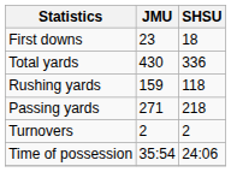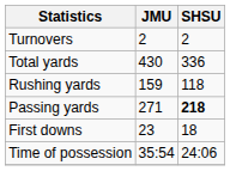 <table class="wikitable" style="float: left;">
 <tr>
 <th>Statistics</th>
 <th>JMU</th>
 <th>SHSU</th>
 </tr>
 <tr>
-<td>First downs</td>
-<td>23</td>
-<td>18</td>
+<td>Turnovers</td>
+<td>2</td>
+<td>2</td>
 </tr>
 <tr>
 <td>Total yards</td>
 <td>430</td>
 <td>336</td>
 </tr>
 <tr>
 <td>Rushing yards</td>
 <td>159</td>
 <td>118</td>
 </tr>
 <tr>
 <td>Passing yards</td>
 <td>271</td>
-<td>218</td>
+<td><strong>218</strong></td>
 </tr>
 <tr>
-<td>Turnovers</td>
-<td>2</td>
-<td>2</td>
+<td>First downs</td>
+<td>23</td>
+<td>18</td>
 </tr>
 <tr>
 <td>Time of possession</td>
 <td>35:54</td>
 <td>24:06</td>
 </tr>
 <tr>
 </tr>
 </table>
